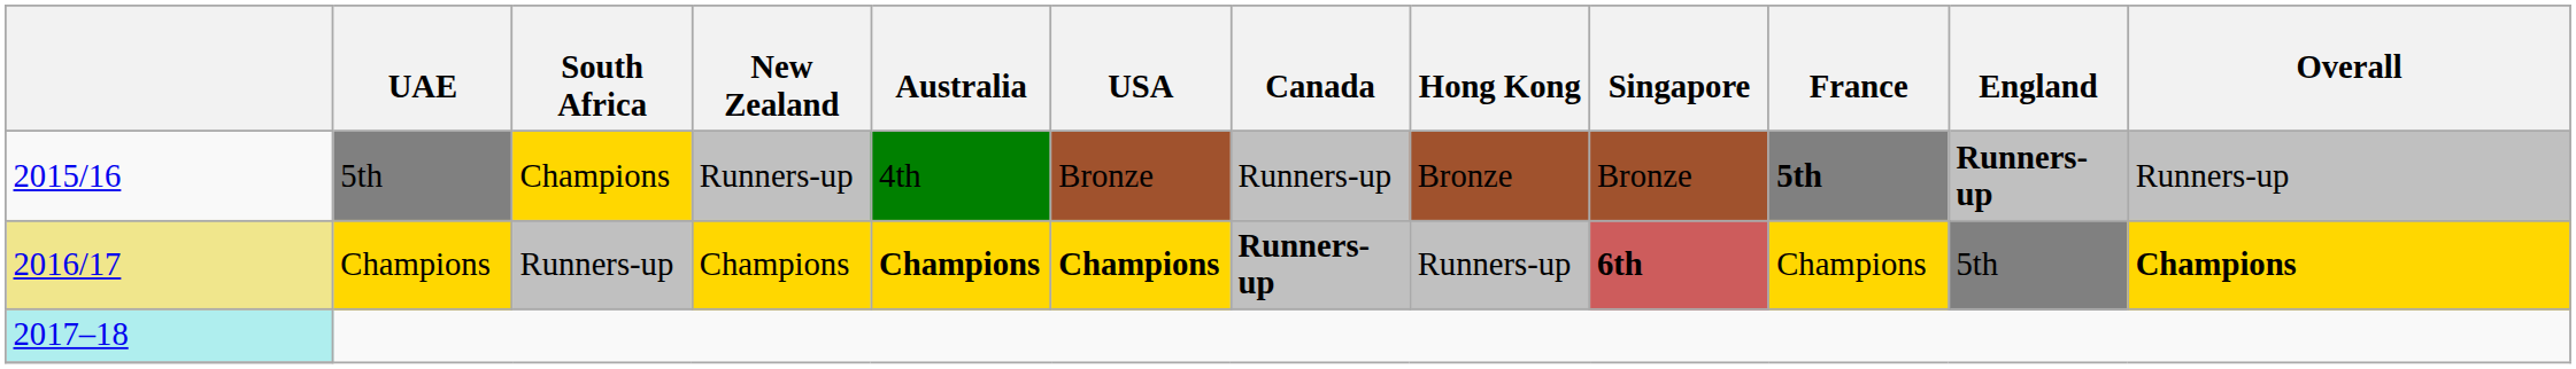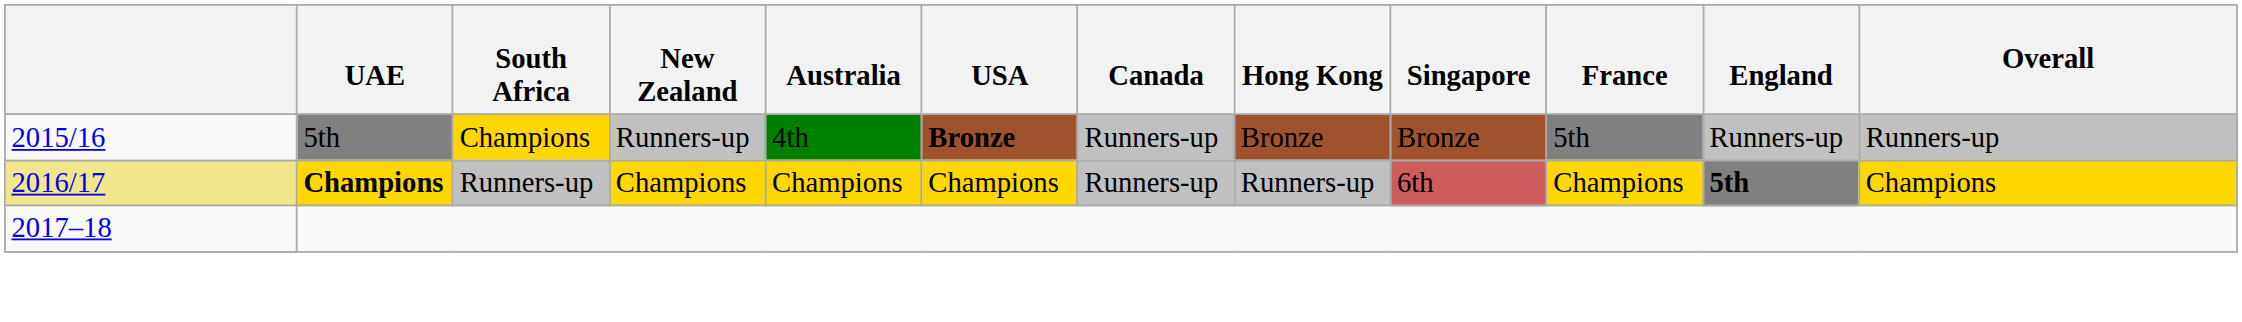 <table class="wikitable">
 <tr>
 <th></th>
 <th width=7%> <br> UAE</th>
 <th width=7%> <br> South Africa</th>
 <th width=7%> <br> New Zealand</th>
 <th width=7%> <br> Australia</th>
 <th width=7%> <br> USA</th>
 <th width=7%> <br> Canada</th>
 <th width=7%> <br> Hong Kong</th>
 <th width=7%> <br> Singapore</th>
 <th width=7%> <br> France</th>
 <th width=7%> <br> England</th>
 <th>Overall</th>
 </tr>
 <tr>
 <td><a href='#'>2015/16</a></td>
 <td style="background: gray;">5th</td>
 <td style="background: gold;">Champions</td>
 <td style="background: silver;">Runners-up</td>
 <td style="background: green;">4th</td>
-<td style="background: Sienna;">Bronze</td>
+<td style="background: Sienna;"><strong>Bronze</strong></td>
 <td style="background: silver;">Runners-up</td>
 <td style="background: Sienna;">Bronze</td>
 <td style="background: Sienna;">Bronze</td>
-<td style="background: gray;"><strong>5th</strong></td>
-<td style="background: silver;"><strong>Runners-up</strong></td>
+<td style="background: gray;">5th</td>
+<td style="background: silver;">Runners-up</td>
 <td style="background: silver;">Runners-up</td>
 </tr>
 <tr>
 <td style="background: khaki;"><a href='#'>2016/17</a></td>
+<td style="background: gold;"><strong>Champions</strong></td>
+<td style="background: silver;">Runners-up</td>
+<td style="background: gold;">Champions</td>
+<td style="background: gold;">Champions</td>
 <td style="background: gold;">Champions</td>
 <td style="background: silver;">Runners-up</td>
+<td style="background: silver;">Runners-up</td>
+<td style="background: indianred;">6th</td>
 <td style="background: gold;">Champions</td>
-<td style="background: gold;"><strong>Champions</strong></td>
-<td style="background: gold;"><strong>Champions</strong></td>
-<td style="background: silver;"><strong>Runners-up</strong></td>
-<td style="background: silver;">Runners-up</td>
-<td style="background: indianred;"><strong>6th</strong></td>
+<td style="background: gray;"><strong>5th</strong></td>
 <td style="background: gold;">Champions</td>
-<td style="background: gray;">5th</td>
-<td style="background: gold;"><strong>Champions</strong></td>
 </tr>
 <tr>
-<td style="background: paleturquoise;"><a href='#'>2017–18</a></td>
+<td><a href='#'>2017–18</a></td>
 </tr>
 <tr>
 </tr>
 </table>
